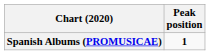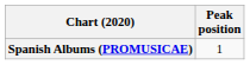 <table class="wikitable plainrowheaders" style="text-align:center">
 <tr>
 <th scope="col">Chart (2020)</th>
 <th scope="col">Peak<br>position</th>
 </tr>
 <tr>
 <th scope="row">Spanish Albums (<a href='#'>PROMUSICAE</a>)</th>
-<td><strong>1</strong></td>
+<td>1</td>
 </tr>
 </table>
